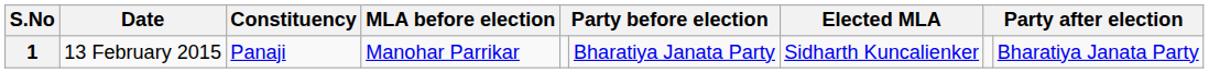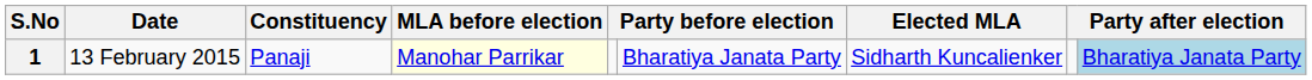 <table class="wikitable sortable">
 <tr>
 <th>S.No</th>
 <th>Date</th>
 <th>Constituency</th>
 <th>MLA before election</th>
 <th colspan="2">Party before election</th>
 <th>Elected MLA</th>
 <th colspan="2">Party after election</th>
 </tr>
 <tr>
 <th>1</th>
 <td>13 February 2015</td>
 <td><a href='#'>Panaji</a></td>
-<td><a href='#'>Manohar Parrikar</a></td>
+<td style="background: lightyellow;"><a href='#'>Manohar Parrikar</a></td>
 <td></td>
 <td><a href='#'>Bharatiya Janata Party</a></td>
 <td><a href='#'>Sidharth Kuncalienker</a></td>
 <td></td>
-<td><a href='#'>Bharatiya Janata Party</a></td>
+<td style="background: lightblue;"><a href='#'>Bharatiya Janata Party</a></td>
 </tr>
 </table>
